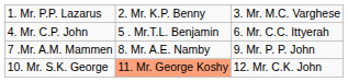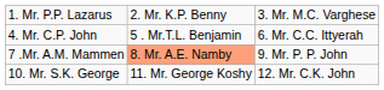 <table class="wikitable">
 <tr>
 <td>1. Mr. P.P. Lazarus</td>
 <td>2. Mr. K.P. Benny</td>
 <td>3. Mr. M.C. Varghese</td>
 </tr>
 <tr>
 <td>4. Mr. C.P. John</td>
 <td>5 . Mr.T.L. Benjamin</td>
 <td>6. Mr. C.C. Ittyerah</td>
 </tr>
 <tr>
 <td>7  .Mr. A.M. Mammen</td>
-<td>8. Mr. A.E. Namby</td>
+<td style="background: lightsalmon;">8. Mr. A.E. Namby</td>
 <td>9. Mr. P. P. John</td>
 </tr>
 <tr>
 <td>10. Mr. S.K. George</td>
-<td style="background: lightsalmon;">11. Mr. George Koshy</td>
+<td>11. Mr. George Koshy</td>
 <td>12. Mr. C.K. John</td>
 </tr>
 </table>
